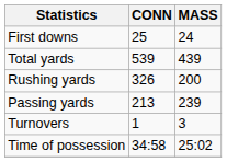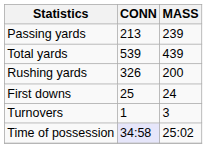 <table class="wikitable">
 <tr>
 <th>Statistics</th>
 <th>CONN</th>
 <th>MASS</th>
 </tr>
 <tr>
-<td>First downs</td>
-<td>25</td>
-<td>24</td>
+<td>Passing yards</td>
+<td>213</td>
+<td>239</td>
 </tr>
 <tr>
 <td>Total yards</td>
 <td>539</td>
 <td>439</td>
 </tr>
 <tr>
 <td>Rushing yards</td>
 <td>326</td>
 <td>200</td>
 </tr>
 <tr>
-<td>Passing yards</td>
-<td>213</td>
-<td>239</td>
+<td>First downs</td>
+<td>25</td>
+<td>24</td>
 </tr>
 <tr>
 <td>Turnovers</td>
 <td>1</td>
 <td>3</td>
 </tr>
 <tr>
 <td>Time of possession</td>
-<td>34:58</td>
+<td style="background: lavender;">34:58</td>
 <td>25:02</td>
 </tr>
 <tr>
 </tr>
 </table>
